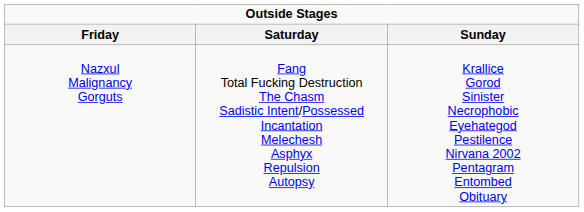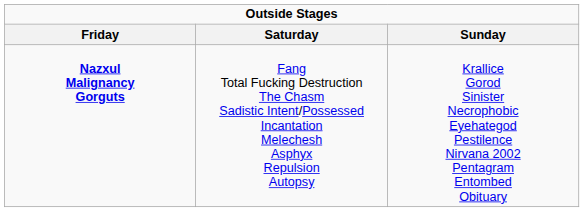 <table class="wikitable">
 <tr>
 <td colspan="3" align="center"><strong>Outside Stages</strong></td>
 </tr>
 <tr>
 <th>Friday</th>
 <th>Saturday</th>
 <th>Sunday</th>
 </tr>
 <tr>
-<td valign="top" align="center" width=235><br><a href='#'>Nazxul</a><br> <a href='#'>Malignancy</a><br> <a href='#'>Gorguts</a></td>
+<td valign="top" align="center" width=235><strong><br><a href='#'>Nazxul</a><br> <a href='#'>Malignancy</a><br> <a href='#'>Gorguts</a></strong></td>
 <td valign="top" align="center" width=235><br><a href='#'>Fang</a><br> Total Fucking Destruction<br> <a href='#'>The Chasm</a><br> <a href='#'>Sadistic Intent</a>/<a href='#'>Possessed</a><br> <a href='#'>Incantation</a><br> <a href='#'>Melechesh</a><br> <a href='#'>Asphyx</a><br> <a href='#'>Repulsion</a><br> <a href='#'>Autopsy</a></td>
 <td valign="top" align="center" width=235><br><a href='#'>Krallice</a><br> <a href='#'>Gorod</a><br> <a href='#'>Sinister</a><br> <a href='#'>Necrophobic</a><br> <a href='#'>Eyehategod</a><br> <a href='#'>Pestilence</a><br> <a href='#'>Nirvana 2002</a><br> <a href='#'>Pentagram</a><br> <a href='#'>Entombed</a><br> <a href='#'>Obituary</a></td>
 </tr>
 </table>
